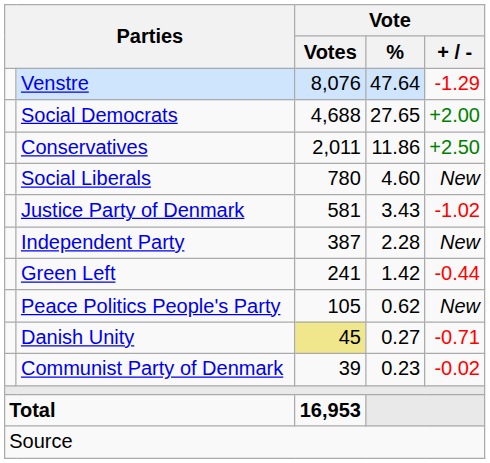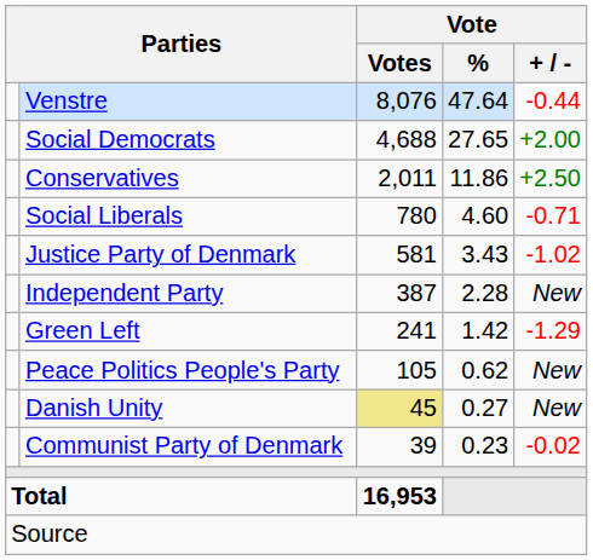 <table class="wikitable" style="text-align:right;">
 <tr>
 <th style="text-align:centre;" rowspan="2" colspan="2" width="225">Parties</th>
 <th colspan="3">Vote</th>
 </tr>
 <tr>
 <th width="15">Votes</th>
 <th width="15">%</th>
 <th width="15">+ / -</th>
 </tr>
 <tr>
 <td width="2" style="color:inherit;background:"></td>
 <td bgcolor=#cfe5fe  align="left"><a href='#'>Venstre</a></td>
 <td bgcolor=#cfe5fe>8,076</td>
 <td bgcolor=#cfe5fe>47.64</td>
-<td style=color:red;>-1.29</td>
+<td style=color:red;>-0.44</td>
 </tr>
 <tr>
 <td width="2" style="color:inherit;background:"></td>
 <td align="left"><a href='#'>Social Democrats</a></td>
 <td>4,688</td>
 <td>27.65</td>
 <td style=color:green;>+2.00</td>
 </tr>
 <tr>
 <td width="2" style="color:inherit;background:"></td>
 <td align="left"><a href='#'>Conservatives</a></td>
 <td>2,011</td>
 <td>11.86</td>
 <td style=color:green;>+2.50</td>
 </tr>
 <tr>
 <td width="2" style="color:inherit;background:"></td>
 <td align="left"><a href='#'>Social Liberals</a></td>
 <td>780</td>
 <td>4.60</td>
-<td><em>New</em></td>
+<td style=color:red;>-0.71</td>
 </tr>
 <tr>
 <td width="2" style="color:inherit;background:"></td>
 <td align="left"><a href='#'>Justice Party of Denmark</a></td>
 <td>581</td>
 <td>3.43</td>
 <td style=color:red;>-1.02</td>
 </tr>
 <tr>
 <td width="2" style="color:inherit;background:"></td>
 <td align="left"><a href='#'>Independent Party</a></td>
 <td>387</td>
 <td>2.28</td>
 <td><em>New</em></td>
 </tr>
 <tr>
 <td width="2" style="color:inherit;background:"></td>
 <td align="left"><a href='#'>Green Left</a></td>
 <td>241</td>
 <td>1.42</td>
-<td style=color:red;>-0.44</td>
+<td style=color:red;>-1.29</td>
 </tr>
 <tr>
 <td width="2" style="color:inherit;background:"></td>
 <td align="left"><a href='#'>Peace Politics People's Party</a></td>
 <td>105</td>
 <td>0.62</td>
 <td><em>New</em></td>
 </tr>
 <tr>
 <td width="2" style="color:inherit;background:"></td>
 <td align="left"><a href='#'>Danish Unity</a></td>
 <td style="background: khaki;">45</td>
 <td>0.27</td>
-<td style=color:red;>-0.71</td>
+<td><em>New</em></td>
 </tr>
 <tr>
 <td width="2" style="color:inherit;background:"></td>
 <td align="left"><a href='#'>Communist Party of Denmark</a></td>
 <td>39</td>
 <td>0.23</td>
 <td style=color:red;>-0.02</td>
 </tr>
 <tr>
 <td colspan="7" bgcolor="#E9E9E9"></td>
 </tr>
 <tr>
 <td align="left" colspan="2"><strong>Total</strong></td>
 <td><strong>16,953</strong></td>
 <td bgcolor="#E9E9E9" colspan="2"></td>
 </tr>
 <tr>
 <td align="left" colspan="6">Source</td>
 </tr>
 </table>
